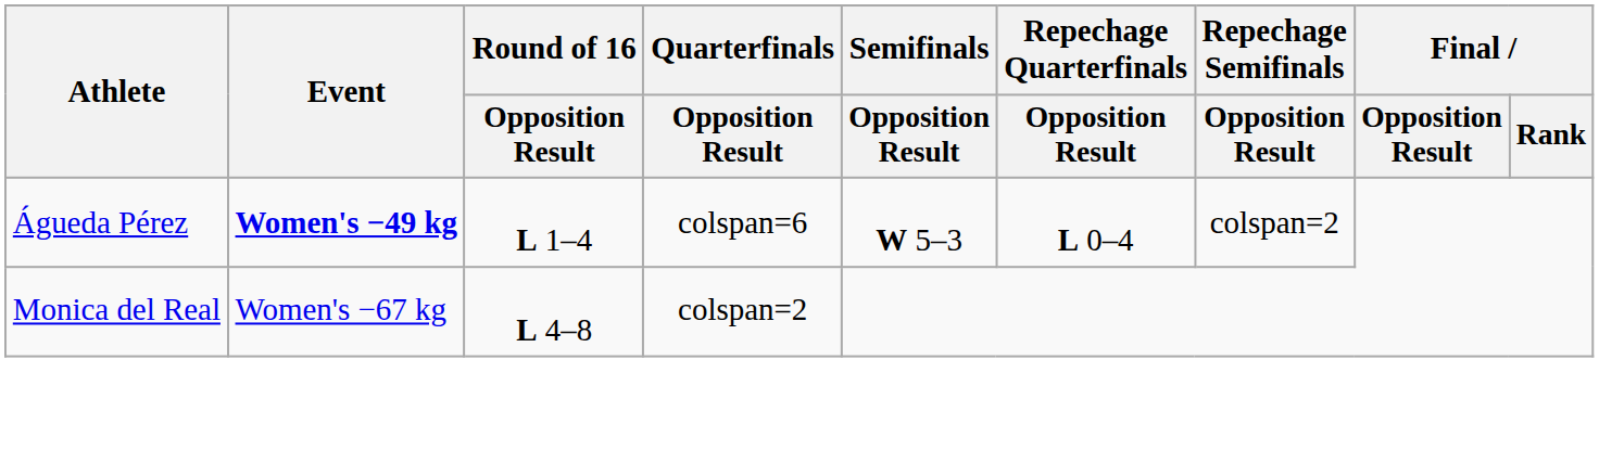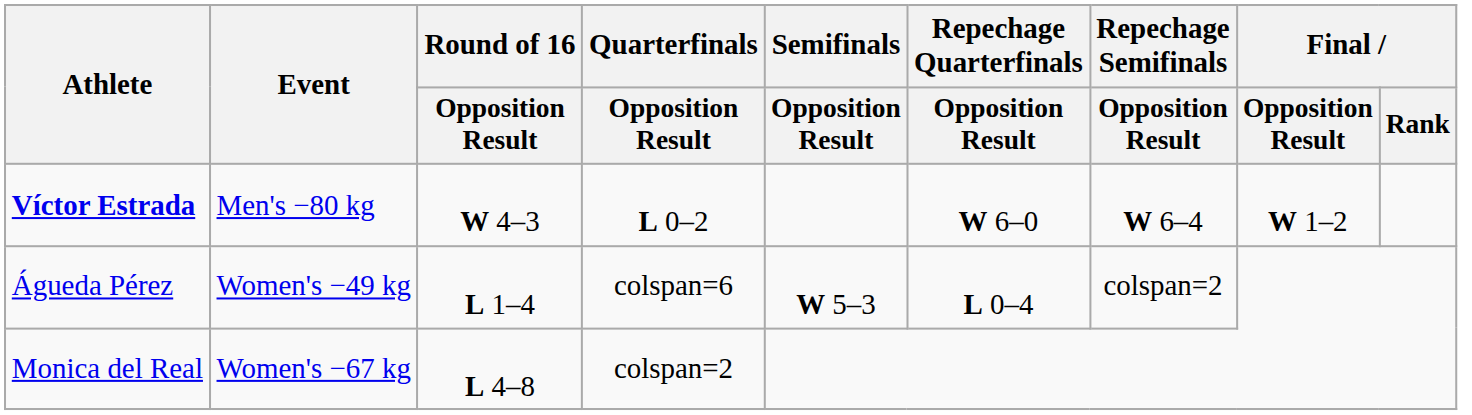 <table class=wikitable style=font-size:90%;text-align:center>
 <tr>
 <th rowspan=2>Athlete</th>
 <th rowspan=2>Event</th>
 <th>Round of 16</th>
 <th>Quarterfinals</th>
 <th>Semifinals</th>
 <th>Repechage<br>Quarterfinals</th>
 <th>Repechage<br>Semifinals</th>
 <th colspan=2>Final / </th>
 </tr>
 <tr style=font-size:95%>
 <th>Opposition<br>Result</th>
 <th>Opposition<br>Result</th>
 <th>Opposition<br>Result</th>
 <th>Opposition<br>Result</th>
 <th>Opposition<br>Result</th>
 <th>Opposition<br>Result</th>
 <th>Rank</th>
 </tr>
 <tr>
+<td align=left><strong><a href='#'>Víctor Estrada</a></strong></td>
+<td align=left><a href='#'>Men's −80 kg</a></td>
+<td><br><strong>W</strong> 4–3</td>
+<td><br><strong>L</strong> 0–2</td>
+<td></td>
+<td><br><strong>W</strong> 6–0</td>
+<td><br><strong>W</strong> 6–4</td>
+<td><br><strong>W</strong> 1–2</td>
+<td></td>
+</tr>
+<tr>
 <td align=left><a href='#'>Águeda Pérez</a></td>
-<td align=left><strong><a href='#'>Women's −49 kg</a></strong></td>
+<td align=left><a href='#'>Women's −49 kg</a></td>
 <td><br><strong>L</strong> 1–4</td>
 <td>colspan=6 </td>
 <td><br><strong>W</strong> 5–3</td>
 <td><br><strong>L</strong> 0–4</td>
 <td>colspan=2 </td>
 </tr>
 <tr>
 <td align=left><a href='#'>Monica del Real</a></td>
 <td align=left><a href='#'>Women's −67 kg</a></td>
 <td><br><strong>L</strong> 4–8</td>
 <td>colspan=2 </td>
 </tr>
 </table>
